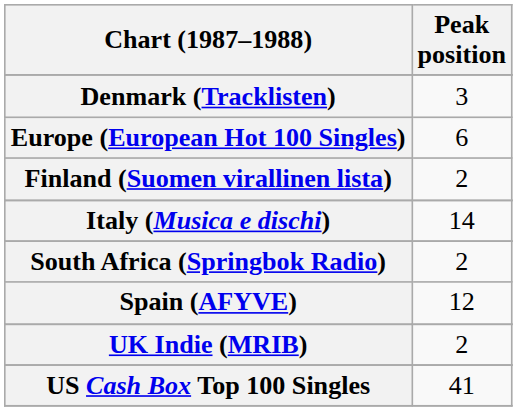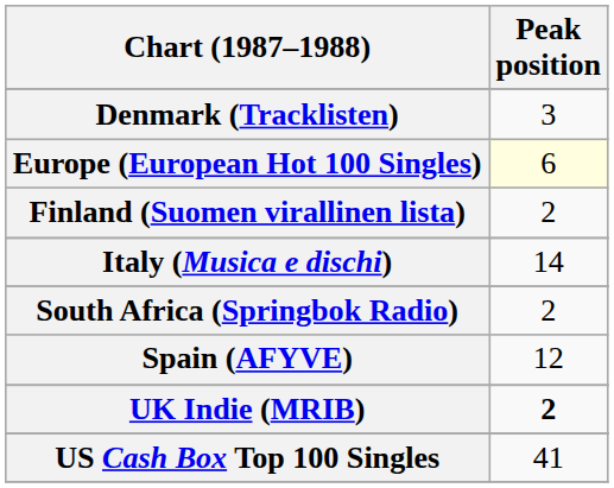 <table class="wikitable sortable plainrowheaders" style="text-align:center">
 <tr>
 <th scope="col">Chart (1987–1988)</th>
 <th scope="col">Peak<br>position</th>
 </tr>
 <tr>
 </tr>
 <tr>
 </tr>
 <tr>
 </tr>
 <tr>
 <th scope="row">Denmark (<a href='#'>Tracklisten</a>)</th>
 <td>3</td>
 </tr>
 <tr>
 <th scope="row">Europe (<a href='#'>European Hot 100 Singles</a>)</th>
-<td>6</td>
+<td style="background: lightyellow;">6</td>
 </tr>
 <tr>
 <th scope="row">Finland (<a href='#'>Suomen virallinen lista</a>)</th>
 <td>2</td>
 </tr>
 <tr>
 </tr>
 <tr>
 </tr>
 <tr>
 <th scope="row">Italy (<em><a href='#'>Musica e dischi</a></em>)</th>
 <td>14</td>
 </tr>
 <tr>
 </tr>
 <tr>
 </tr>
 <tr>
 <th scope="row">South Africa (<a href='#'>Springbok Radio</a>)</th>
 <td>2</td>
 </tr>
 <tr>
 <th scope="row">Spain (<a href='#'>AFYVE</a>)</th>
 <td>12</td>
 </tr>
 <tr>
 </tr>
 <tr>
 </tr>
 <tr>
 </tr>
 <tr>
 <th scope="row"><a href='#'>UK Indie</a> (<a href='#'>MRIB</a>)</th>
-<td>2</td>
+<td><strong>2</strong></td>
 </tr>
 <tr>
 </tr>
 <tr>
 </tr>
 <tr>
 </tr>
 <tr>
 <th scope="row">US <em><a href='#'>Cash Box</a></em> Top 100 Singles</th>
 <td>41</td>
 </tr>
 <tr>
 </tr>
 </table>
